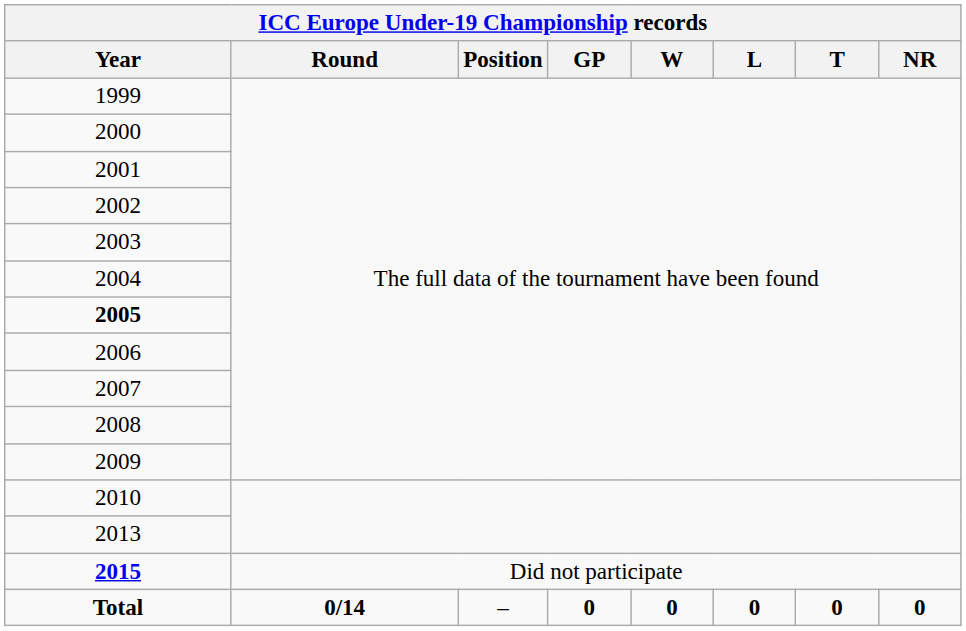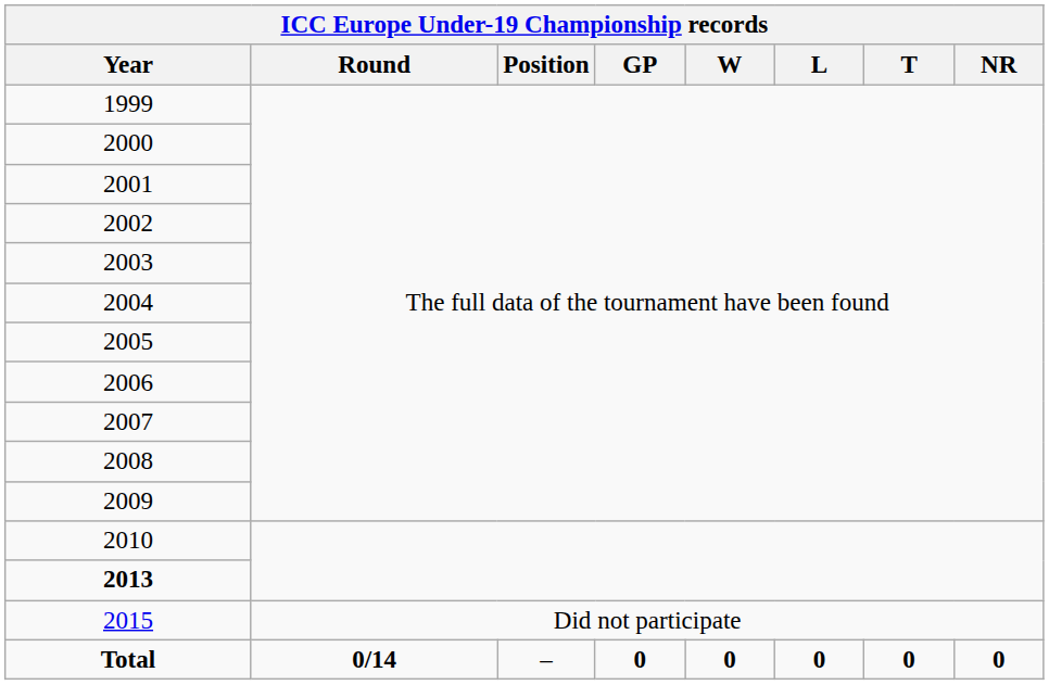 <table class="wikitable" style="text-align: center; width=900px;">
 <tr>
 <th colspan=9><a href='#'>ICC Europe Under-19 Championship</a> records</th>
 </tr>
 <tr>
 <th width=150>Year</th>
 <th width=150>Round</th>
 <th width=50>Position</th>
 <th width=50>GP</th>
 <th width=50>W</th>
 <th width=50>L</th>
 <th width=50>T</th>
 <th width=50>NR</th>
 </tr>
 <tr>
 <td> 1999</td>
 <td rowspan=11 colspan=8>The full data of the tournament have been found</td>
 </tr>
 <tr>
 <td> 2000</td>
 </tr>
 <tr>
 <td> 2001</td>
 </tr>
 <tr>
 <td> 2002</td>
 </tr>
 <tr>
 <td> 2003</td>
 </tr>
 <tr>
 <td> 2004</td>
 </tr>
 <tr>
-<td><strong> 2005</strong></td>
+<td> 2005</td>
 </tr>
 <tr>
 <td> 2006</td>
 </tr>
 <tr>
 <td> 2007</td>
 </tr>
 <tr>
 <td> 2008</td>
 </tr>
 <tr>
 <td> 2009</td>
 </tr>
 <tr>
 <td> 2010</td>
 </tr>
 <tr>
-<td> 2013</td>
+<td><strong> 2013</strong></td>
 </tr>
 <tr>
-<td><strong> <a href='#'>2015</a></strong></td>
+<td> <a href='#'>2015</a></td>
 <td colspan=8>Did not participate</td>
 </tr>
 <tr>
 <td><strong>Total</strong></td>
 <td><strong>0/14</strong></td>
 <td>–</td>
 <td><strong>0</strong></td>
 <td><strong>0</strong></td>
 <td><strong>0</strong></td>
 <td><strong>0</strong></td>
 <td><strong>0</strong></td>
 </tr>
 </table>
